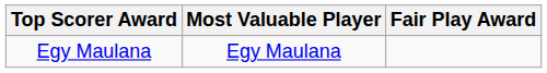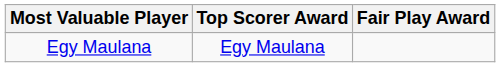 <table class="wikitable" style="text-align:center; margin:auto;">
 <tr>
+<th>Most Valuable Player</th>
 <th>Top Scorer Award</th>
-<th>Most Valuable Player</th>
 <th>Fair Play Award</th>
 </tr>
 <tr>
 <td> <a href='#'>Egy Maulana</a></td>
 <td> <a href='#'>Egy Maulana</a></td>
 <td></td>
 </tr>
 </table>
